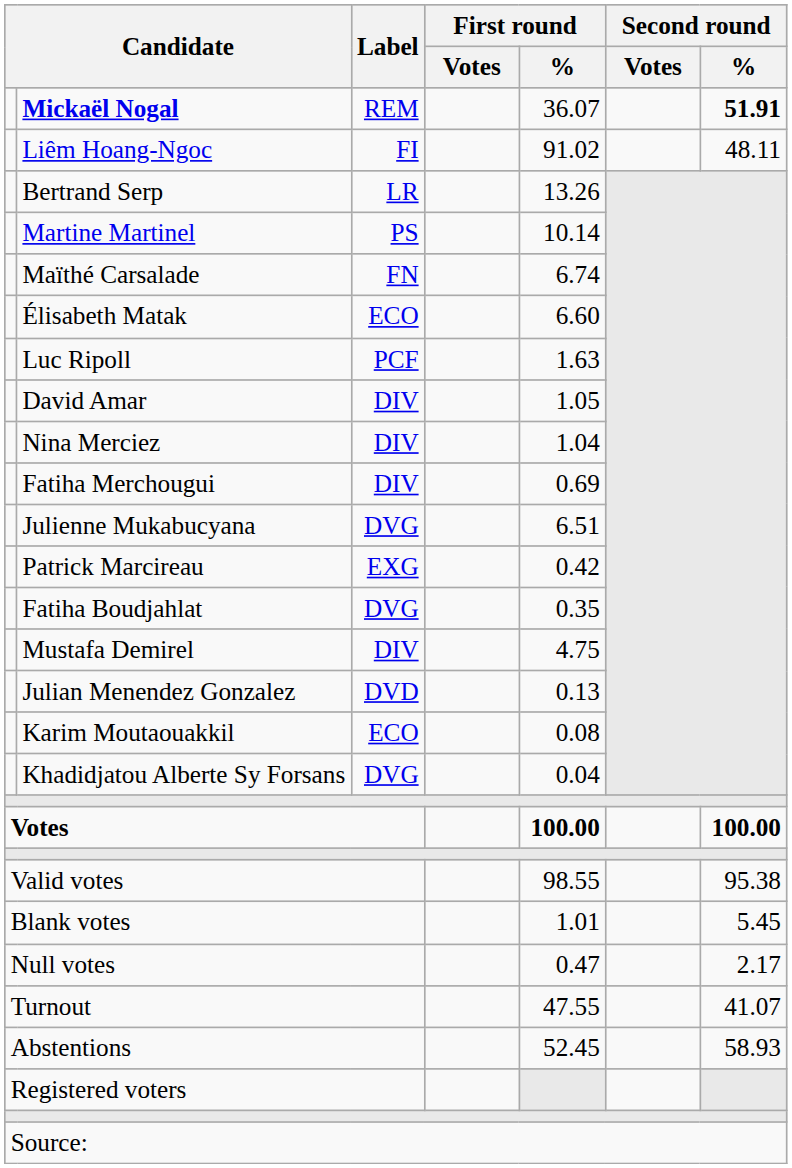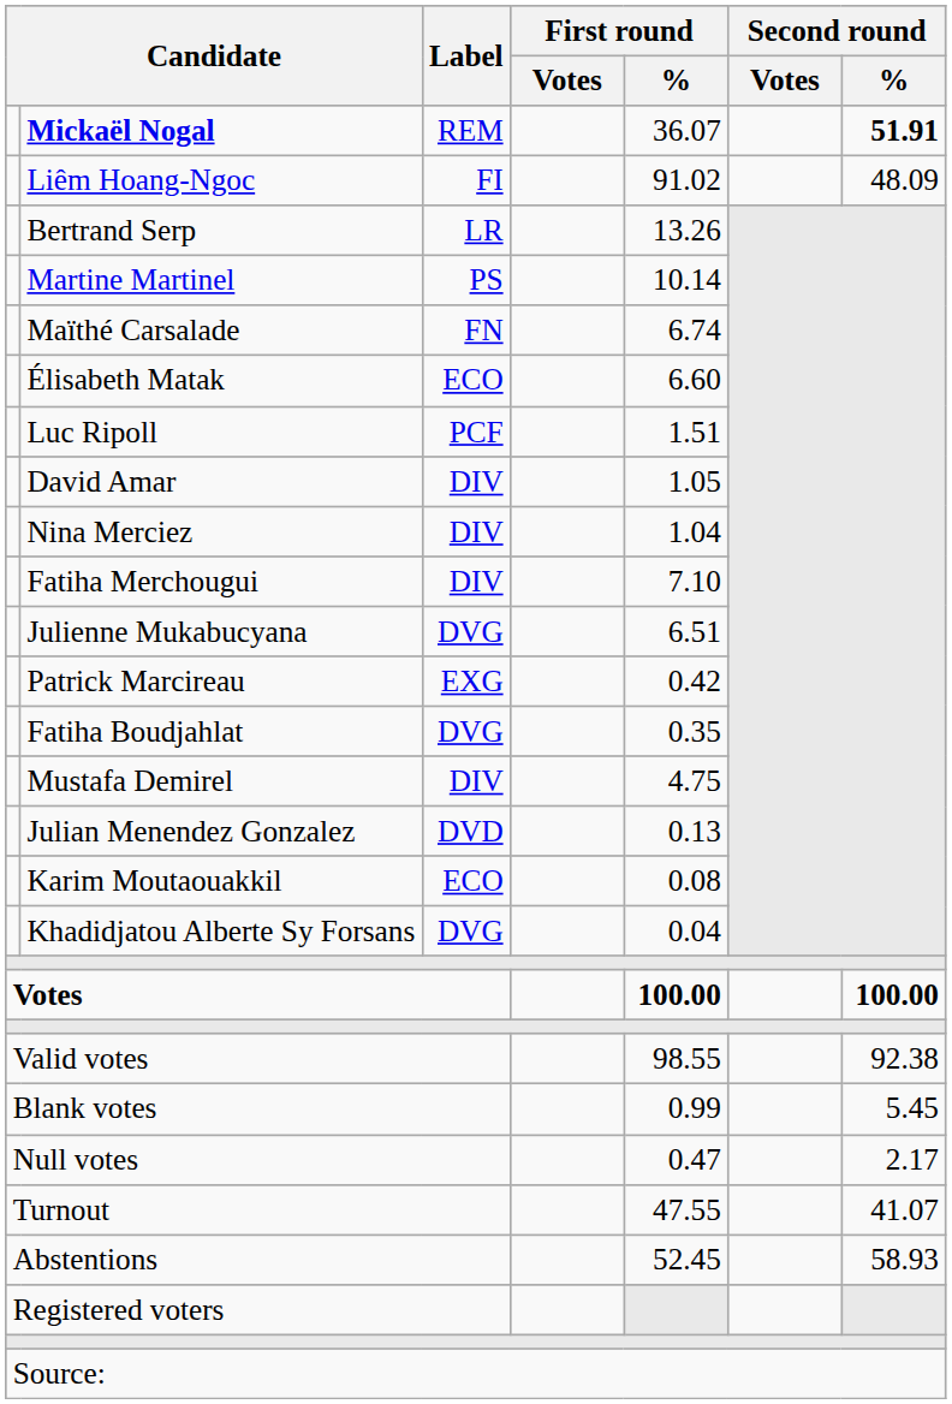 <table class="wikitable" style="text-align:right;font-size:95%;">
 <tr>
 <th rowspan="2" colspan="2">Candidate</th>
 <th rowspan="2">Label</th>
 <th colspan="2">First round</th>
 <th colspan="2">Second round</th>
 </tr>
 <tr>
 <th style="width:50px;">Votes</th>
 <th style="width:45px;">%</th>
 <th style="width:50px;">Votes</th>
 <th style="width:45px;">%</th>
 </tr>
 <tr>
 <td style="color:inherit;background:"></td>
 <td style="text-align:left;"><strong><a href='#'>Mickaël Nogal</a></strong></td>
 <td><a href='#'>REM</a></td>
 <td></td>
 <td>36.07</td>
 <td><strong></strong></td>
 <td><strong>51.91</strong></td>
 </tr>
 <tr>
 <td style="color:inherit;background:"></td>
 <td style="text-align:left;"><a href='#'>Liêm Hoang-Ngoc</a></td>
 <td><a href='#'>FI</a></td>
 <td></td>
 <td>91.02</td>
 <td></td>
-<td>48.11</td>
+<td>48.09</td>
 </tr>
 <tr>
 <td style="color:inherit;background:"></td>
 <td style="text-align:left;">Bertrand Serp</td>
 <td><a href='#'>LR</a></td>
 <td></td>
 <td>13.26</td>
 <td colspan="2" rowspan="15" style="background:#E9E9E9;"></td>
 </tr>
 <tr>
 <td style="color:inherit;background:"></td>
 <td style="text-align:left;"><a href='#'>Martine Martinel</a></td>
 <td><a href='#'>PS</a></td>
 <td></td>
 <td>10.14</td>
 </tr>
 <tr>
 <td style="color:inherit;background:"></td>
 <td style="text-align:left;">Maïthé Carsalade</td>
 <td><a href='#'>FN</a></td>
 <td></td>
 <td>6.74</td>
 </tr>
 <tr>
 <td style="color:inherit;background:"></td>
 <td style="text-align:left;">Élisabeth Matak</td>
 <td><a href='#'>ECO</a></td>
 <td></td>
 <td>6.60</td>
 </tr>
 <tr>
 <td style="color:inherit;background:"></td>
 <td style="text-align:left;">Luc Ripoll</td>
 <td><a href='#'>PCF</a></td>
 <td></td>
-<td>1.63</td>
+<td>1.51</td>
 </tr>
 <tr>
 <td style="color:inherit;background:"></td>
 <td style="text-align:left;">David Amar</td>
 <td><a href='#'>DIV</a></td>
 <td></td>
 <td>1.05</td>
 </tr>
 <tr>
 <td style="color:inherit;background:"></td>
 <td style="text-align:left;">Nina Merciez</td>
 <td><a href='#'>DIV</a></td>
 <td></td>
 <td>1.04</td>
 </tr>
 <tr>
 <td style="color:inherit;background:"></td>
 <td style="text-align:left;">Fatiha Merchougui</td>
 <td><a href='#'>DIV</a></td>
 <td></td>
-<td>0.69</td>
+<td>7.10</td>
 </tr>
 <tr>
 <td style="color:inherit;background:"></td>
 <td style="text-align:left;">Julienne Mukabucyana</td>
 <td><a href='#'>DVG</a></td>
 <td></td>
 <td>6.51</td>
 </tr>
 <tr>
 <td style="color:inherit;background:"></td>
 <td style="text-align:left;">Patrick Marcireau</td>
 <td><a href='#'>EXG</a></td>
 <td></td>
 <td>0.42</td>
 </tr>
 <tr>
 <td style="color:inherit;background:"></td>
 <td style="text-align:left;">Fatiha Boudjahlat</td>
 <td><a href='#'>DVG</a></td>
 <td></td>
 <td>0.35</td>
 </tr>
 <tr>
 <td style="color:inherit;background:"></td>
 <td style="text-align:left;">Mustafa Demirel</td>
 <td><a href='#'>DIV</a></td>
 <td></td>
 <td>4.75</td>
 </tr>
 <tr>
 <td style="color:inherit;background:"></td>
 <td style="text-align:left;">Julian Menendez Gonzalez</td>
 <td><a href='#'>DVD</a></td>
 <td></td>
 <td>0.13</td>
 </tr>
 <tr>
 <td style="color:inherit;background:"></td>
 <td style="text-align:left;">Karim Moutaouakkil</td>
 <td><a href='#'>ECO</a></td>
 <td></td>
 <td>0.08</td>
 </tr>
 <tr>
 <td style="color:inherit;background:"></td>
 <td style="text-align:left;">Khadidjatou Alberte Sy Forsans</td>
 <td><a href='#'>DVG</a></td>
 <td></td>
 <td>0.04</td>
 </tr>
 <tr>
 <td colspan="7" style="background:#E9E9E9;"></td>
 </tr>
 <tr style="font-weight:bold;">
 <td colspan="3" style="text-align:left;">Votes</td>
 <td></td>
 <td>100.00</td>
 <td></td>
 <td>100.00</td>
 </tr>
 <tr>
 <td colspan="7" style="background:#E9E9E9;"></td>
 </tr>
 <tr>
 <td colspan="3" style="text-align:left;">Valid votes</td>
 <td></td>
 <td>98.55</td>
 <td></td>
-<td>95.38</td>
+<td>92.38</td>
 </tr>
 <tr>
 <td colspan="3" style="text-align:left;">Blank votes</td>
 <td></td>
-<td>1.01</td>
+<td>0.99</td>
 <td></td>
 <td>5.45</td>
 </tr>
 <tr>
 <td colspan="3" style="text-align:left;">Null votes</td>
 <td></td>
 <td>0.47</td>
 <td></td>
 <td>2.17</td>
 </tr>
 <tr>
 <td colspan="3" style="text-align:left;">Turnout</td>
 <td></td>
 <td>47.55</td>
 <td></td>
 <td>41.07</td>
 </tr>
 <tr>
 <td colspan="3" style="text-align:left;">Abstentions</td>
 <td></td>
 <td>52.45</td>
 <td></td>
 <td>58.93</td>
 </tr>
 <tr>
 <td colspan="3" style="text-align:left;">Registered voters</td>
 <td></td>
 <td style="color:inherit;background:#E9E9E9;"></td>
 <td></td>
 <td style="color:inherit;background:#E9E9E9;"></td>
 </tr>
 <tr>
 <td colspan="7" style="background:#E9E9E9;"></td>
 </tr>
 <tr>
 <td colspan="7" style="text-align:left;">Source: </td>
 </tr>
 </table>
